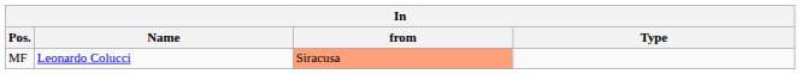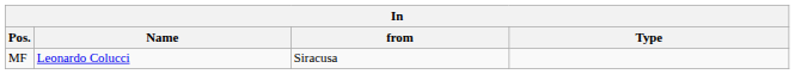 <table class="wikitable" style="font-size:90%;width:99%;">
 <tr>
 <th colspan="4">In</th>
 </tr>
 <tr>
 <th width=3%>Pos.</th>
 <th width=33%>Name</th>
 <th width=28%>from</th>
 <th width=36%>Type</th>
 </tr>
 <tr>
 <td>MF</td>
 <td><a href='#'>Leonardo Colucci</a></td>
-<td style="background: lightsalmon;">Siracusa</td>
+<td>Siracusa</td>
 <td></td>
 </tr>
 </table>
